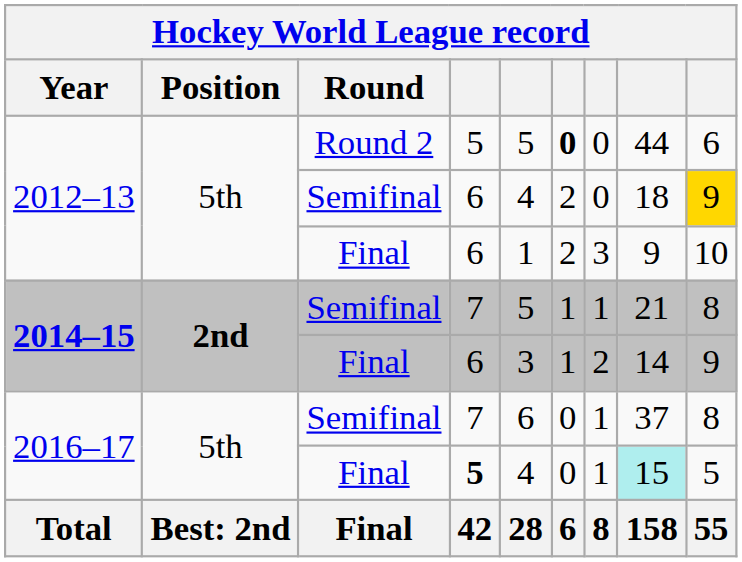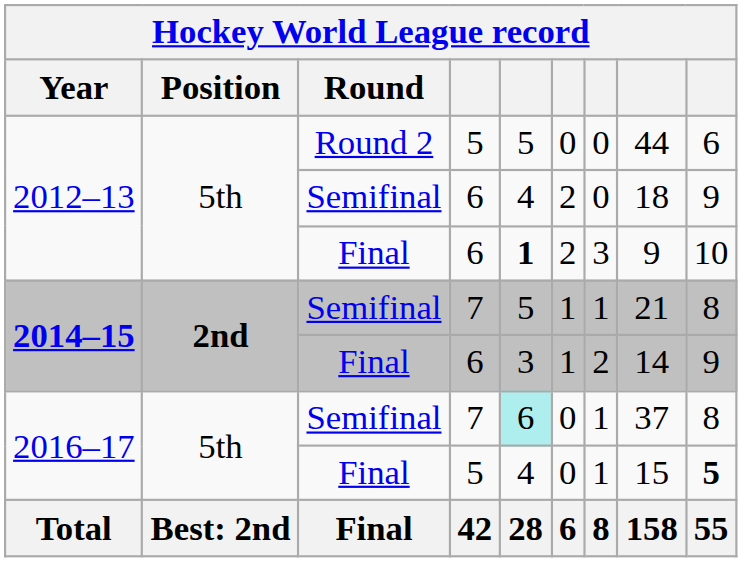 <table class="wikitable"  style="text-align: center;">
 <tr>
 <th colspan=10><a href='#'>Hockey World League record</a></th>
 </tr>
 <tr>
 <th>Year</th>
 <th>Position</th>
 <th>Round</th>
 <th></th>
 <th></th>
 <th></th>
 <th></th>
 <th></th>
 <th></th>
 </tr>
 <tr>
 <td rowspan=3><a href='#'>2012–13</a></td>
 <td rowspan=3>5th</td>
 <td><a href='#'>Round 2</a></td>
 <td>5</td>
 <td>5</td>
-<td><strong>0</strong></td>
+<td>0</td>
 <td>0</td>
 <td>44</td>
 <td>6</td>
 </tr>
 <tr>
 <td><a href='#'>Semifinal</a></td>
 <td>6</td>
 <td>4</td>
 <td>2</td>
 <td>0</td>
 <td>18</td>
-<td style="background: gold;">9</td>
+<td>9</td>
 </tr>
 <tr>
 <td><a href='#'>Final</a></td>
 <td>6</td>
-<td>1</td>
+<td><strong>1</strong></td>
 <td>2</td>
 <td>3</td>
 <td>9</td>
 <td>10</td>
 </tr>
 <tr bgcolor=silver>
 <td rowspan=2><strong><a href='#'>2014–15</a></strong></td>
 <td rowspan=2><strong>2nd</strong></td>
 <td><a href='#'>Semifinal</a></td>
 <td>7</td>
 <td>5</td>
 <td>1</td>
 <td>1</td>
 <td>21</td>
 <td>8</td>
 </tr>
 <tr bgcolor=silver>
 <td><a href='#'>Final</a></td>
 <td>6</td>
 <td>3</td>
 <td>1</td>
 <td>2</td>
 <td>14</td>
 <td>9</td>
 </tr>
 <tr>
 <td rowspan=2><a href='#'>2016–17</a></td>
 <td rowspan=2>5th</td>
 <td><a href='#'>Semifinal</a></td>
 <td>7</td>
-<td>6</td>
+<td style="background: paleturquoise;">6</td>
 <td>0</td>
 <td>1</td>
 <td>37</td>
 <td>8</td>
 </tr>
 <tr>
 <td><a href='#'>Final</a></td>
-<td><strong>5</strong></td>
+<td>5</td>
 <td>4</td>
 <td>0</td>
 <td>1</td>
-<td style="background: paleturquoise;">15</td>
-<td>5</td>
+<td>15</td>
+<td><strong>5</strong></td>
 </tr>
 <tr>
 <th>Total</th>
 <th>Best: 2nd</th>
 <th>Final</th>
 <th>42</th>
 <th>28</th>
 <th>6</th>
 <th>8</th>
 <th>158</th>
 <th>55</th>
 </tr>
 </table>
